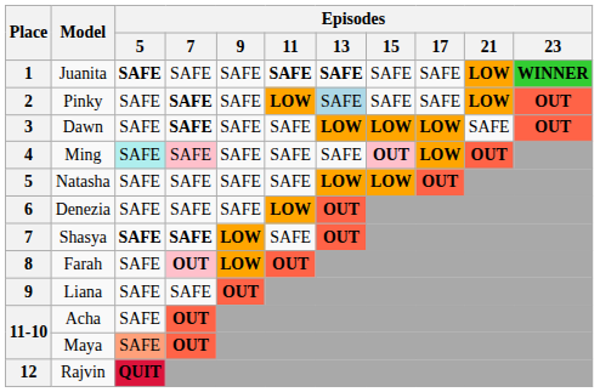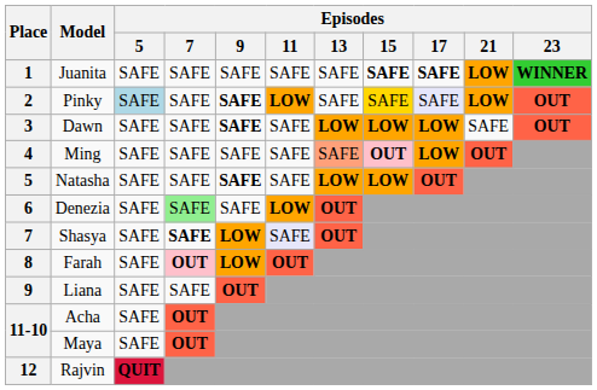 <table class="wikitable" style="text-align:center; font-size:92%">
 <tr>
 <th rowspan="2">Place</th>
 <th rowspan="2">Model</th>
 <th colspan="10">Episodes</th>
 </tr>
 <tr>
 <th>5</th>
 <th>7</th>
 <th>9</th>
 <th>11</th>
 <th>13</th>
 <th>15</th>
 <th>17</th>
 <th>21</th>
 <th>23</th>
 </tr>
 <tr>
 <th>1</th>
 <td>Juanita</td>
-<td><strong>SAFE</strong></td>
+<td>SAFE</td>
+<td>SAFE</td>
+<td>SAFE</td>
 <td>SAFE</td>
 <td>SAFE</td>
 <td><strong>SAFE</strong></td>
 <td><strong>SAFE</strong></td>
-<td>SAFE</td>
-<td>SAFE</td>
 <td style="background:orange;"><strong>LOW</strong></td>
 <td style="background:limegreen;"><strong>WINNER</strong></td>
 </tr>
 <tr>
 <th>2</th>
 <td>Pinky</td>
+<td style="background: lightblue;">SAFE</td>
 <td>SAFE</td>
 <td><strong>SAFE</strong></td>
+<td style="background:orange;"><strong>LOW</strong></td>
 <td>SAFE</td>
-<td style="background:orange;"><strong>LOW</strong></td>
-<td style="background: lightblue;">SAFE</td>
-<td>SAFE</td>
-<td>SAFE</td>
+<td style="background: gold;">SAFE</td>
+<td style="background: lavender;">SAFE</td>
 <td style="background:orange;"><strong>LOW</strong></td>
 <td style="background:tomato;"><strong>OUT</strong></td>
 </tr>
 <tr>
 <th>3</th>
 <td>Dawn</td>
 <td>SAFE</td>
+<td>SAFE</td>
 <td><strong>SAFE</strong></td>
-<td>SAFE</td>
 <td>SAFE</td>
 <td style="background:orange;"><strong>LOW</strong></td>
 <td style="background:orange;"><strong>LOW</strong></td>
 <td style="background:orange;"><strong>LOW</strong></td>
 <td>SAFE</td>
 <td style="background:tomato;"><strong>OUT</strong></td>
 </tr>
 <tr>
 <th>4</th>
 <td>Ming</td>
-<td style="background: paleturquoise;">SAFE</td>
-<td style="background: pink;">SAFE</td>
 <td>SAFE</td>
 <td>SAFE</td>
 <td>SAFE</td>
+<td>SAFE</td>
+<td style="background: lightsalmon;">SAFE</td>
 <td style="background:pink;"><strong>OUT</strong></td>
 <td style="background:orange;"><strong>LOW</strong></td>
 <td style="background:tomato;"><strong>OUT</strong></td>
 <td style="background:darkgrey;" colspan="12"></td>
 </tr>
 <tr>
 <th>5</th>
 <td>Natasha</td>
 <td>SAFE</td>
 <td>SAFE</td>
-<td>SAFE</td>
+<td><strong>SAFE</strong></td>
 <td>SAFE</td>
 <td style="background:orange;"><strong>LOW</strong></td>
 <td style="background:orange;"><strong>LOW</strong></td>
 <td style="background:tomato;"><strong>OUT</strong></td>
 <td style="background:darkgrey;" colspan="12"></td>
 </tr>
 <tr>
 <th>6</th>
 <td>Denezia</td>
 <td>SAFE</td>
-<td>SAFE</td>
+<td style="background: lightgreen;">SAFE</td>
 <td>SAFE</td>
 <td style="background:orange;"><strong>LOW</strong></td>
 <td style="background:tomato;"><strong>OUT</strong></td>
 <td style="background:darkgrey;" colspan="12"></td>
 </tr>
 <tr>
 <th>7</th>
 <td>Shasya</td>
-<td><strong>SAFE</strong></td>
+<td>SAFE</td>
 <td><strong>SAFE</strong></td>
 <td style="background:orange;"><strong>LOW</strong></td>
-<td>SAFE</td>
+<td style="background: lavender;">SAFE</td>
 <td style="background:tomato;"><strong>OUT</strong></td>
 <td style="background:darkgrey;" colspan="12"></td>
 </tr>
 <tr>
 <th>8</th>
 <td>Farah</td>
 <td>SAFE</td>
 <td style="background:pink;"><strong>OUT</strong></td>
 <td style="background:orange;"><strong>LOW</strong></td>
 <td style="background:tomato;"><strong>OUT</strong></td>
 <td style="background:darkgrey;" colspan="12"></td>
 </tr>
 <tr>
 <th>9</th>
 <td>Liana</td>
 <td>SAFE</td>
 <td>SAFE</td>
 <td style="background:tomato;"><strong>OUT</strong></td>
 <td style="background:darkgrey;" colspan="12"></td>
 </tr>
 <tr>
 <th rowspan=2>11-10</th>
 <td>Acha</td>
 <td>SAFE</td>
 <td style="background:tomato;"><strong>OUT</strong></td>
 <td style="background:darkgrey;" colspan="12"></td>
 </tr>
 <tr>
 <td>Maya</td>
-<td style="background: lightsalmon;">SAFE</td>
+<td>SAFE</td>
 <td style="background:tomato;"><strong>OUT</strong></td>
 <td style="background:darkgrey;" colspan="12"></td>
 </tr>
 <tr>
 <th>12</th>
 <td>Rajvin</td>
 <td style="background:crimson;"><span><strong>QUIT</strong></span></td>
 <td style="background:darkgrey;" colspan="12"></td>
 </tr>
 </table>
